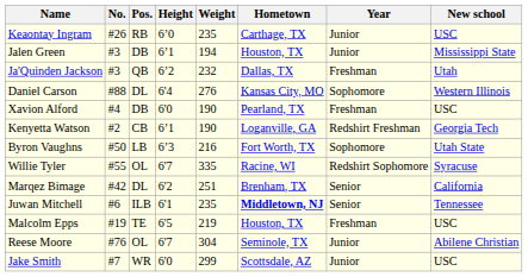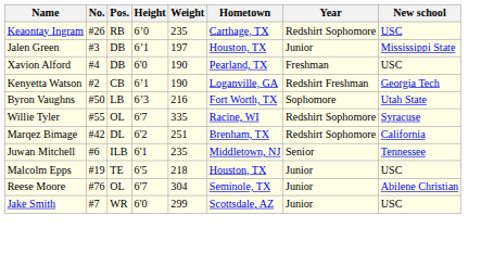 <table class="wikitable sortable">
 <tr>
 <th style="text-align:center; ">Name</th>
 <th style="text-align:center; ">No.</th>
 <th style="text-align:center; ">Pos.</th>
 <th style="text-align:center; ">Height</th>
 <th style="text-align:center; ">Weight</th>
 <th style="text-align:center; ">Hometown</th>
 <th style="text-align:center; ">Year</th>
 <th style="text-align:center; ">New school</th>
 </tr>
 <tr style="background:#FFFFE6;">
 <td><a href='#'>Keaontay Ingram</a></td>
 <td>#26</td>
 <td>RB</td>
 <td>6’0</td>
 <td>235</td>
 <td><a href='#'>Carthage, TX</a></td>
-<td>Junior</td>
+<td>Redshirt Sophomore</td>
 <td><a href='#'>USC</a></td>
 </tr>
 <tr style="background:#FFFFE6;">
 <td>Jalen Green</td>
 <td>#3</td>
 <td>DB</td>
 <td>6’1</td>
-<td>194</td>
+<td>197</td>
 <td><a href='#'>Houston, TX</a></td>
 <td>Junior</td>
 <td><a href='#'>Mississippi State</a></td>
-</tr>
-<tr style="background:#FFFFE6;">
-<td><a href='#'>Ja'Quinden Jackson</a></td>
-<td>#3</td>
-<td>QB</td>
-<td>6’2</td>
-<td>232</td>
-<td><a href='#'>Dallas, TX</a></td>
-<td>Freshman</td>
-<td><a href='#'>Utah</a></td>
-</tr>
-<tr style="background:#FFFFE6;">
-<td>Daniel Carson</td>
-<td>#88</td>
-<td>DL</td>
-<td>6'4</td>
-<td>276</td>
-<td><a href='#'>Kansas City, MO</a></td>
-<td>Sophomore</td>
-<td><a href='#'>Western Illinois</a></td>
 </tr>
 <tr style="background:#FFFFE6;">
 <td>Xavion Alford</td>
 <td>#4</td>
 <td>DB</td>
 <td>6'0</td>
 <td>190</td>
 <td><a href='#'>Pearland, TX</a></td>
 <td>Freshman</td>
 <td>USC</td>
 </tr>
 <tr style="background: #FFFFE6;">
 <td>Kenyetta Watson</td>
 <td>#2</td>
 <td>CB</td>
 <td>6’1</td>
 <td>190</td>
 <td><a href='#'>Loganville, GA</a></td>
 <td>Redshirt Freshman</td>
 <td><a href='#'>Georgia Tech</a></td>
 </tr>
 <tr style="background: #FFFFE6;">
 <td>Byron Vaughns</td>
 <td>#50</td>
 <td>LB</td>
 <td>6’3</td>
 <td>216</td>
 <td><a href='#'>Fort Worth, TX</a></td>
 <td>Sophomore</td>
 <td><a href='#'>Utah State</a></td>
 </tr>
 <tr style="background:#FFFFE6;">
 <td>Willie Tyler</td>
 <td>#55</td>
 <td>OL</td>
 <td>6'7</td>
 <td>335</td>
 <td><a href='#'>Racine, WI</a></td>
 <td>Redshirt Sophomore</td>
 <td><a href='#'>Syracuse</a></td>
 </tr>
 <tr style="background:#FFFFE6;">
 <td>Marqez Bimage</td>
 <td>#42</td>
 <td>DL</td>
 <td>6'2</td>
 <td>251</td>
 <td><a href='#'>Brenham, TX</a></td>
-<td>Senior</td>
+<td>Redshirt Sophomore</td>
 <td><a href='#'>California</a></td>
 </tr>
 <tr style="background:#FFFFE6;">
 <td>Juwan Mitchell</td>
 <td>#6</td>
 <td>ILB</td>
 <td>6'1</td>
 <td>235</td>
-<td><strong><a href='#'>Middletown, NJ</a></strong></td>
+<td><a href='#'>Middletown, NJ</a></td>
 <td>Senior</td>
 <td><a href='#'>Tennessee</a></td>
 </tr>
 <tr style="background:#FFFFE6;">
 <td>Malcolm Epps</td>
 <td>#19</td>
 <td>TE</td>
 <td>6'5</td>
-<td>219</td>
+<td>218</td>
 <td><a href='#'>Houston, TX</a></td>
-<td>Freshman</td>
+<td>Junior</td>
 <td>USC</td>
 </tr>
 <tr style="background:#FFFFE6;">
 <td>Reese Moore</td>
 <td>#76</td>
 <td>OL</td>
 <td>6'7</td>
 <td>304</td>
 <td><a href='#'>Seminole, TX</a></td>
 <td>Junior</td>
 <td><a href='#'>Abilene Christian</a></td>
 </tr>
 <tr style="background:#FFFFE6;">
 <td><a href='#'>Jake Smith</a></td>
 <td>#7</td>
 <td>WR</td>
 <td>6'0</td>
 <td>299</td>
 <td><a href='#'>Scottsdale, AZ</a></td>
 <td>Junior</td>
 <td>USC</td>
 </tr>
 </table>
